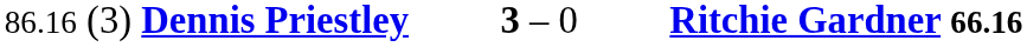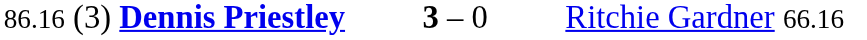 <table style="text-align:center">
 <tr>
 <th width=223></th>
 <th width=100></th>
 <th width=223></th>
 </tr>
 <tr>
 <td align=right><small>86.16</small> (3) <strong><a href='#'>Dennis Priestley</a></strong> </td>
 <td><strong>3</strong> – 0</td>
-<td align=left><strong> <a href='#'>Ritchie Gardner</a> <small>66.16</small></strong></td>
+<td align=left> <a href='#'>Ritchie Gardner</a> <small>66.16</small></td>
 </tr>
 </table>
